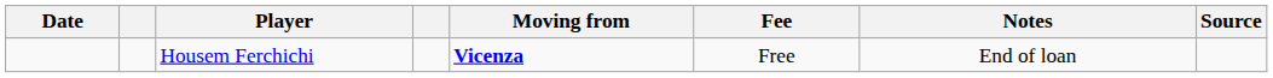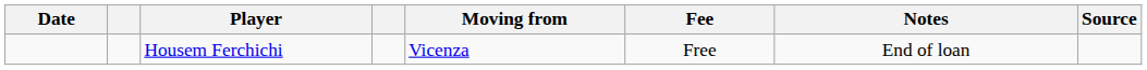 <table class="wikitable collapsible collapsed sortable">
 <tr>
 <th style="width:80px;">Date</th>
 <th style="width:20px;"></th>
 <th style="width:190px;">Player</th>
 <th style="width:20px;"></th>
 <th style="width:180px;">Moving from</th>
 <th style="width:120px;" class="unsortable">Fee</th>
 <th style="width:250px;" class="unsortable">Notes</th>
 <th style="width:20px;">Source</th>
 </tr>
 <tr>
 <td></td>
 <td align="center"></td>
 <td> <a href='#'>Housem Ferchichi</a></td>
 <td align="center"></td>
-<td><strong> <a href='#'>Vicenza</a></strong></td>
+<td> <a href='#'>Vicenza</a></td>
 <td rowspan="5" align="center">Free</td>
 <td rowspan="5" align="center">End of loan</td>
 <td></td>
 </tr>
 </table>
